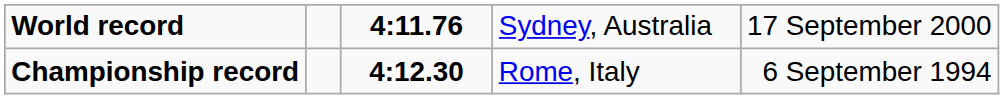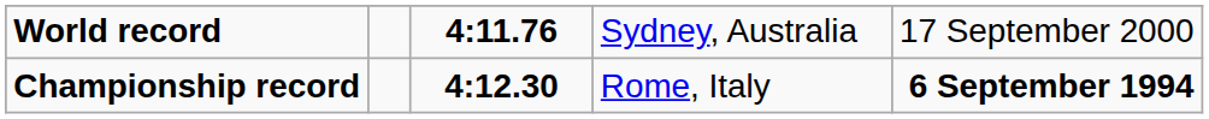 <table class="wikitable">
 <tr>
 <td><strong>World record</strong></td>
 <td style="padding-right:1em"></td>
 <td style="text-align:center;padding-left:1em; padding-right:1em;"><strong>4:11.76</strong></td>
 <td style="padding-right:1em"><a href='#'>Sydney</a>, Australia</td>
 <td align=right>17 September 2000</td>
 </tr>
 <tr>
 <td><strong>Championship record</strong></td>
 <td style="padding-right:1em"></td>
 <td style="text-align:center;padding-left:1em; padding-right:1em;"><strong>4:12.30</strong></td>
 <td style="padding-right:1em"><a href='#'>Rome</a>, Italy</td>
-<td align=right>6 September 1994</td>
+<td align=right><strong>6 September 1994</strong></td>
 </tr>
 </table>
